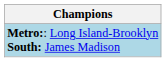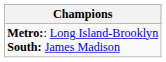 <table class="wikitable">
 <tr bgcolor="#CCCCCC">
 <th>Champions</th>
 </tr>
 <tr>
-<td style="background: lightblue;"><strong>Metro:</strong>: <a href='#'>Long Island-Brooklyn</a><br><strong>South:</strong> <a href='#'>James Madison</a></td>
+<td><strong>Metro:</strong>: <a href='#'>Long Island-Brooklyn</a><br><strong>South:</strong> <a href='#'>James Madison</a></td>
 </tr>
 </table>
